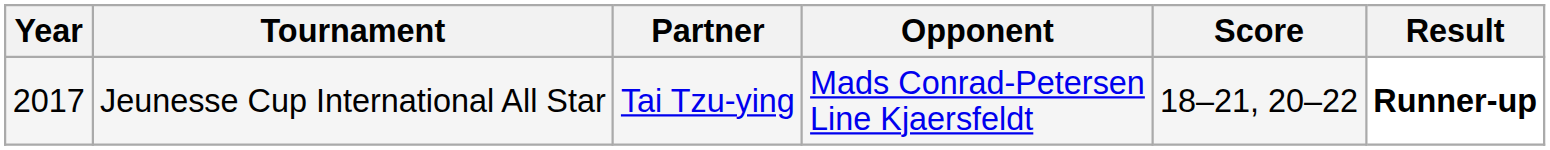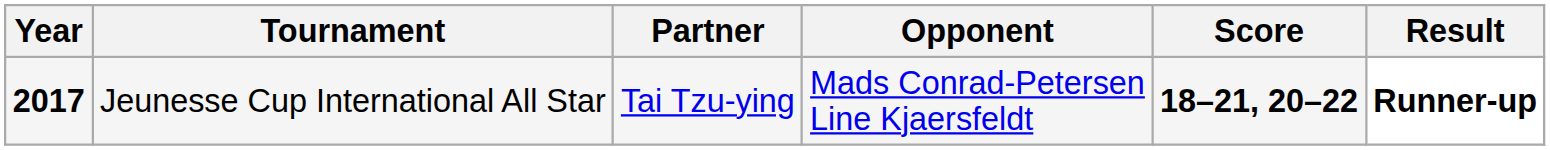 <table class="sortable wikitable" style="font-size: 90%;">
 <tr>
 <th>Year</th>
 <th>Tournament</th>
 <th>Partner</th>
 <th>Opponent</th>
 <th>Score</th>
 <th>Result</th>
 </tr>
 <tr style="background:#F5F5F5">
-<td align="center">2017</td>
+<td align="center"><strong>2017</strong></td>
 <td align="left">Jeunesse Cup International All Star</td>
 <td align="left"> <a href='#'>Tai Tzu-ying</a></td>
 <td align="left"> <a href='#'>Mads Conrad-Petersen</a><br> <a href='#'>Line Kjaersfeldt</a></td>
-<td align="left">18–21, 20–22</td>
+<td align="left"><strong>18–21, 20–22</strong></td>
 <td style="text-align:left; background:white"> <strong>Runner-up</strong></td>
 </tr>
 </table>
